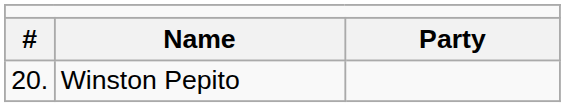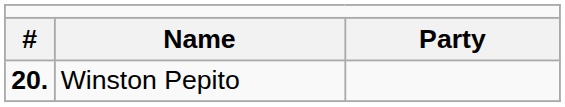 <table class=wikitable style="font-size:90%">
 <tr>
 <td colspan=4 bgcolor=></td>
 </tr>
 <tr>
 <th>#</th>
 <th width=150px>Name</th>
 <th colspan=2 width=110px>Party</th>
 </tr>
 <tr>
-<td>20.</td>
+<td><strong>20.</strong></td>
 <td>Winston Pepito</td>
 <td></td>
 </tr>
 </table>
